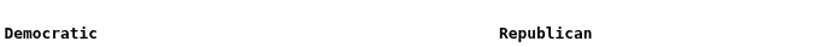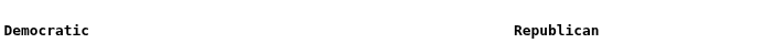 <table style="width:100%; text-align:center">
 <tr style="color:white">
 <td style="background:"><strong>167</strong></td>
+<td style="background:"><strong>1</strong></td>
 <td style="background:"><strong>223</strong></td>
-<td style="background:"><strong>1</strong></td>
 </tr>
 <tr>
 <td><span><strong>Democratic</strong></span></td>
+<td></td>
 <td><span><strong>Republican</strong></span></td>
-<td></td>
 </tr>
 </table>
